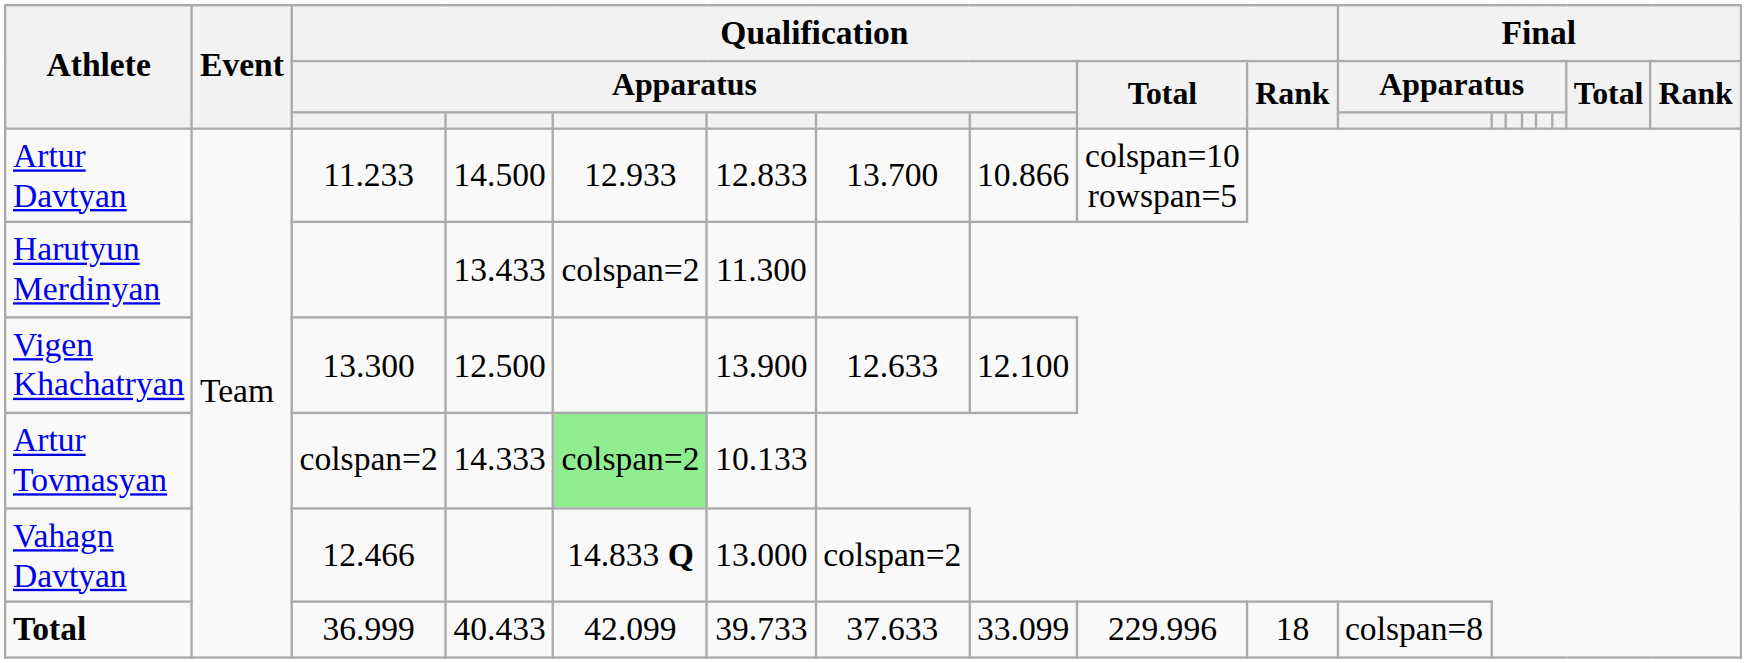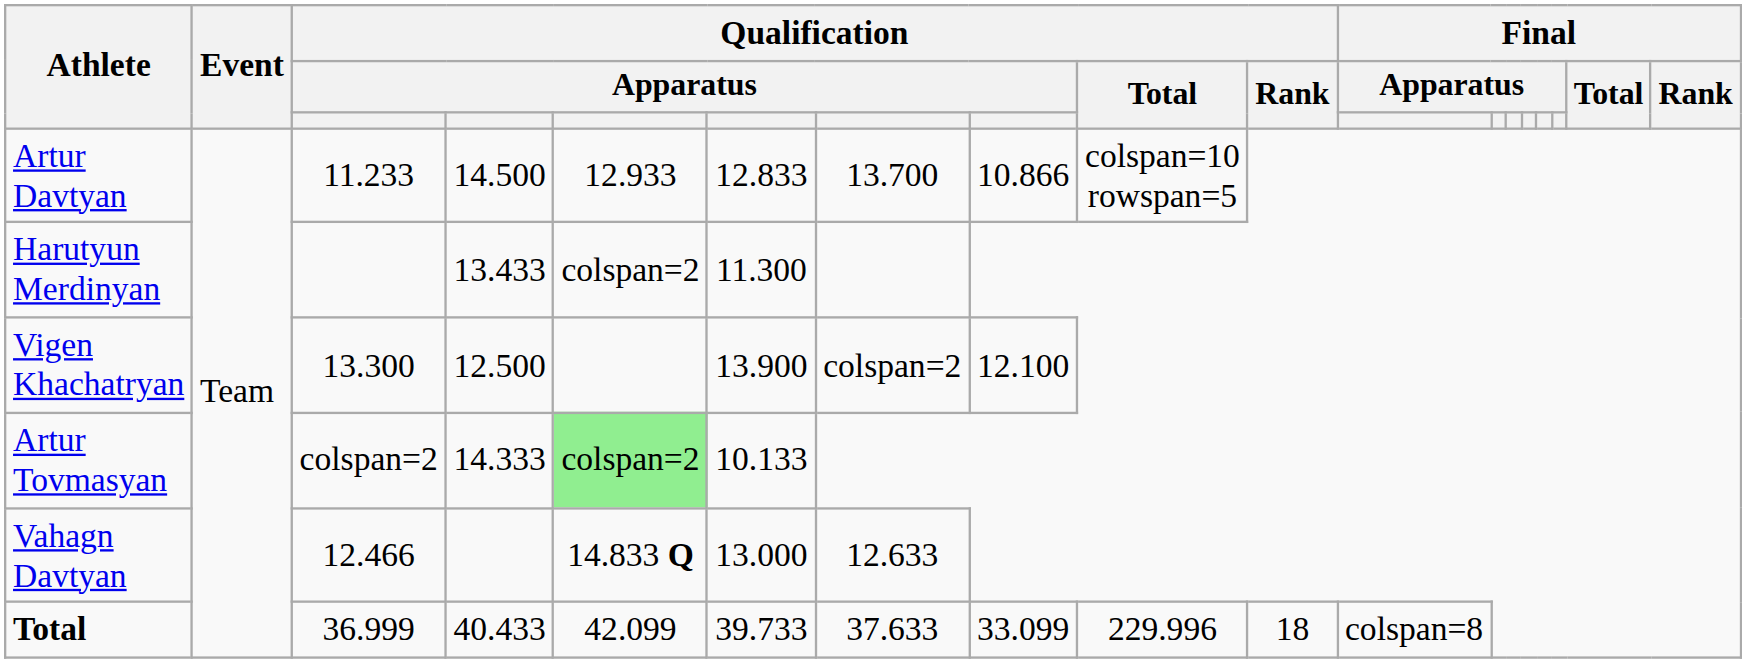 <table class="wikitable" style="font-size:90%">
 <tr>
 <th rowspan=3>Athlete</th>
 <th rowspan=3>Event</th>
 <th colspan =8>Qualification</th>
 <th colspan =8>Final</th>
 </tr>
 <tr style="font-size:95%">
 <th colspan=6>Apparatus</th>
 <th rowspan=2>Total</th>
 <th rowspan=2>Rank</th>
 <th colspan=6>Apparatus</th>
 <th rowspan=2>Total</th>
 <th rowspan=2>Rank</th>
 </tr>
 <tr style="font-size:95%">
 <th></th>
 <th></th>
 <th></th>
 <th></th>
 <th></th>
 <th></th>
 <th></th>
 <th></th>
 <th></th>
 <th></th>
 <th></th>
 <th></th>
 </tr>
 <tr align=center>
 <td align=left><a href='#'>Artur Davtyan</a></td>
 <td align=left rowspan=6>Team</td>
 <td>11.233</td>
 <td>14.500</td>
 <td>12.933</td>
 <td>12.833</td>
 <td>13.700</td>
 <td>10.866</td>
 <td>colspan=10 rowspan=5 </td>
 </tr>
 <tr align=center>
 <td align=left><a href='#'>Harutyun Merdinyan</a></td>
 <td></td>
 <td>13.433</td>
 <td>colspan=2</td>
 <td>11.300</td>
 <td></td>
 </tr>
 <tr align=center>
 <td align=left><a href='#'>Vigen Khachatryan</a></td>
 <td>13.300</td>
 <td>12.500</td>
 <td></td>
 <td>13.900</td>
-<td>12.633</td>
+<td>colspan=2</td>
 <td>12.100</td>
 </tr>
 <tr align=center>
 <td align=left><a href='#'>Artur Tovmasyan</a></td>
 <td>colspan=2</td>
 <td>14.333</td>
 <td style="background: lightgreen;">colspan=2</td>
 <td>10.133</td>
 </tr>
 <tr align=center>
 <td align=left><a href='#'>Vahagn Davtyan</a></td>
 <td>12.466</td>
 <td></td>
 <td>14.833 <strong>Q</strong></td>
 <td>13.000</td>
-<td>colspan=2</td>
+<td>12.633</td>
 </tr>
 <tr align=center>
 <td align=left><strong>Total</strong></td>
 <td>36.999</td>
 <td>40.433</td>
 <td>42.099</td>
 <td>39.733</td>
 <td>37.633</td>
 <td>33.099</td>
 <td>229.996</td>
 <td>18</td>
 <td>colspan=8</td>
 </tr>
 </table>
